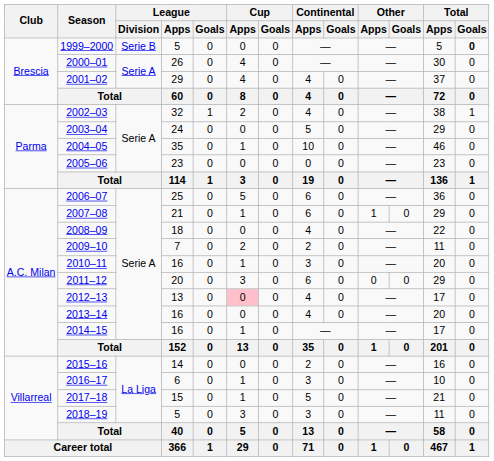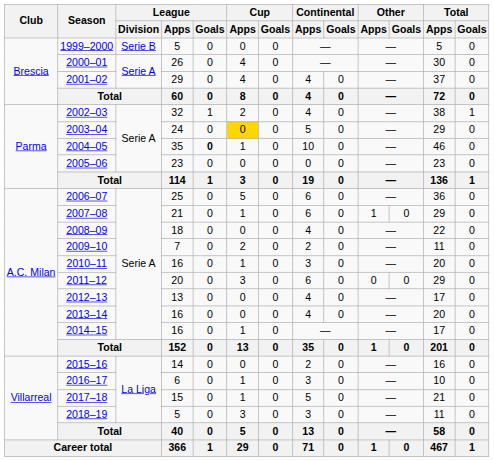 <table class="wikitable" style="text-align:center">
 <tr>
 <th rowspan="2">Club</th>
 <th rowspan="2">Season</th>
 <th colspan="3">League</th>
 <th colspan="2">Cup</th>
 <th colspan="2">Continental</th>
 <th colspan="2">Other</th>
 <th colspan="2">Total</th>
 </tr>
 <tr>
 <th>Division</th>
 <th>Apps</th>
 <th>Goals</th>
 <th>Apps</th>
 <th>Goals</th>
 <th>Apps</th>
 <th>Goals</th>
 <th>Apps</th>
 <th>Goals</th>
 <th>Apps</th>
 <th>Goals</th>
 </tr>
 <tr>
 <td rowspan="4"><a href='#'>Brescia</a></td>
 <td><a href='#'>1999–2000</a></td>
 <td><a href='#'>Serie B</a></td>
 <td>5</td>
 <td>0</td>
 <td>0</td>
 <td>0</td>
 <td colspan="2">—</td>
 <td colspan="2">—</td>
 <td>5</td>
-<td><strong>0</strong></td>
+<td>0</td>
 </tr>
 <tr>
 <td><a href='#'>2000–01</a></td>
 <td rowspan="2"><a href='#'>Serie A</a></td>
 <td>26</td>
 <td>0</td>
 <td>4</td>
 <td>0</td>
 <td colspan="2">—</td>
 <td colspan="2">—</td>
 <td>30</td>
 <td>0</td>
 </tr>
 <tr>
 <td><a href='#'>2001–02</a></td>
 <td>29</td>
 <td>0</td>
 <td>4</td>
 <td>0</td>
 <td>4</td>
 <td>0</td>
 <td colspan="2">—</td>
 <td>37</td>
 <td>0</td>
 </tr>
 <tr>
 <th colspan="2">Total</th>
 <th>60</th>
 <th>0</th>
 <th>8</th>
 <th>0</th>
 <th>4</th>
 <th>0</th>
 <th colspan="2">—</th>
 <th>72</th>
 <th>0</th>
 </tr>
 <tr>
 <td rowspan="5"><a href='#'>Parma</a></td>
 <td><a href='#'>2002–03</a></td>
 <td rowspan="4">Serie A</td>
 <td>32</td>
 <td>1</td>
 <td>2</td>
 <td>0</td>
 <td>4</td>
 <td>0</td>
 <td colspan="2">—</td>
 <td>38</td>
 <td>1</td>
 </tr>
 <tr>
 <td><a href='#'>2003–04</a></td>
 <td>24</td>
 <td>0</td>
-<td>0</td>
+<td style="background: gold;">0</td>
 <td>0</td>
 <td>5</td>
 <td>0</td>
 <td colspan="2">—</td>
 <td>29</td>
 <td>0</td>
 </tr>
 <tr>
 <td><a href='#'>2004–05</a></td>
 <td>35</td>
-<td>0</td>
+<td><strong>0</strong></td>
 <td>1</td>
 <td>0</td>
 <td>10</td>
 <td>0</td>
 <td colspan="2">—</td>
 <td>46</td>
 <td>0</td>
 </tr>
 <tr>
 <td><a href='#'>2005–06</a></td>
 <td>23</td>
 <td>0</td>
 <td>0</td>
 <td>0</td>
 <td>0</td>
 <td>0</td>
 <td colspan="2">—</td>
 <td>23</td>
 <td>0</td>
 </tr>
 <tr>
 <th colspan="2">Total</th>
 <th>114</th>
 <th>1</th>
 <th>3</th>
 <th>0</th>
 <th>19</th>
 <th>0</th>
 <th colspan="2">—</th>
 <th>136</th>
 <th>1</th>
 </tr>
 <tr>
 <td rowspan="10"><a href='#'>A.C. Milan</a></td>
 <td><a href='#'>2006–07</a></td>
 <td rowspan="9">Serie A</td>
 <td>25</td>
 <td>0</td>
 <td>5</td>
 <td>0</td>
 <td>6</td>
 <td>0</td>
 <td colspan="2">—</td>
 <td>36</td>
 <td>0</td>
 </tr>
 <tr>
 <td><a href='#'>2007–08</a></td>
 <td>21</td>
 <td>0</td>
 <td>1</td>
 <td>0</td>
 <td>6</td>
 <td>0</td>
 <td>1</td>
 <td>0</td>
 <td>29</td>
 <td>0</td>
 </tr>
 <tr>
 <td><a href='#'>2008–09</a></td>
 <td>18</td>
 <td>0</td>
 <td>0</td>
 <td>0</td>
 <td>4</td>
 <td>0</td>
 <td colspan="2">—</td>
 <td>22</td>
 <td>0</td>
 </tr>
 <tr>
 <td><a href='#'>2009–10</a></td>
 <td>7</td>
 <td>0</td>
 <td>2</td>
 <td>0</td>
 <td>2</td>
 <td>0</td>
 <td colspan="2">—</td>
 <td>11</td>
 <td>0</td>
 </tr>
 <tr>
 <td><a href='#'>2010–11</a></td>
 <td>16</td>
 <td>0</td>
 <td>1</td>
 <td>0</td>
 <td>3</td>
 <td>0</td>
 <td colspan="2">—</td>
 <td>20</td>
 <td>0</td>
 </tr>
 <tr>
 <td><a href='#'>2011–12</a></td>
 <td>20</td>
 <td>0</td>
 <td>3</td>
 <td>0</td>
 <td>6</td>
 <td>0</td>
 <td>0</td>
 <td>0</td>
 <td>29</td>
 <td>0</td>
 </tr>
 <tr>
 <td><a href='#'>2012–13</a></td>
 <td>13</td>
 <td>0</td>
-<td style="background: pink;">0</td>
+<td>0</td>
 <td>0</td>
 <td>4</td>
 <td>0</td>
 <td colspan="2">—</td>
 <td>17</td>
 <td>0</td>
 </tr>
 <tr>
 <td><a href='#'>2013–14</a></td>
 <td>16</td>
 <td>0</td>
 <td>0</td>
 <td>0</td>
 <td>4</td>
 <td>0</td>
 <td colspan="2">—</td>
 <td>20</td>
 <td>0</td>
 </tr>
 <tr>
 <td><a href='#'>2014–15</a></td>
 <td>16</td>
 <td>0</td>
 <td>1</td>
 <td>0</td>
 <td colspan="2">—</td>
 <td colspan="2">—</td>
 <td>17</td>
 <td>0</td>
 </tr>
 <tr>
 <th colspan="2">Total</th>
 <th>152</th>
 <th>0</th>
 <th>13</th>
 <th>0</th>
 <th>35</th>
 <th>0</th>
 <th>1</th>
 <th>0</th>
 <th>201</th>
 <th>0</th>
 </tr>
 <tr>
 <td rowspan="5"><a href='#'>Villarreal</a></td>
 <td><a href='#'>2015–16</a></td>
 <td rowspan="4"><a href='#'>La Liga</a></td>
 <td>14</td>
 <td>0</td>
 <td>0</td>
 <td>0</td>
 <td>2</td>
 <td>0</td>
 <td colspan="2">—</td>
 <td>16</td>
 <td>0</td>
 </tr>
 <tr>
 <td><a href='#'>2016–17</a></td>
 <td>6</td>
 <td>0</td>
 <td>1</td>
 <td>0</td>
 <td>3</td>
 <td>0</td>
 <td colspan="2">—</td>
 <td>10</td>
 <td>0</td>
 </tr>
 <tr>
 <td><a href='#'>2017–18</a></td>
 <td>15</td>
 <td>0</td>
 <td>1</td>
 <td>0</td>
 <td>5</td>
 <td>0</td>
 <td colspan="2">—</td>
 <td>21</td>
 <td>0</td>
 </tr>
 <tr>
 <td><a href='#'>2018–19</a></td>
 <td>5</td>
 <td>0</td>
 <td>3</td>
 <td>0</td>
 <td>3</td>
 <td>0</td>
 <td colspan="2">—</td>
 <td>11</td>
 <td>0</td>
 </tr>
 <tr>
 <th colspan="2">Total</th>
 <th>40</th>
 <th>0</th>
 <th>5</th>
 <th>0</th>
 <th>13</th>
 <th>0</th>
 <th colspan="2">—</th>
 <th>58</th>
 <th>0</th>
 </tr>
 <tr>
 <th colspan="3">Career total</th>
 <th>366</th>
 <th>1</th>
 <th>29</th>
 <th>0</th>
 <th>71</th>
 <th>0</th>
 <th>1</th>
 <th>0</th>
 <th>467</th>
 <th>1</th>
 </tr>
 </table>
